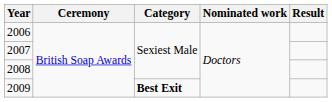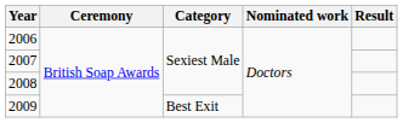 <table class="wikitable">
 <tr>
 <th>Year</th>
 <th>Ceremony</th>
 <th>Category</th>
 <th>Nominated work</th>
 <th>Result</th>
 </tr>
 <tr>
 <td>2006</td>
 <td rowspan="4"><a href='#'>British Soap Awards</a></td>
 <td rowspan="3">Sexiest Male</td>
 <td rowspan="4"><em>Doctors</em></td>
 <td></td>
 </tr>
 <tr>
 <td>2007</td>
 <td></td>
 </tr>
 <tr>
 <td>2008</td>
 <td></td>
 </tr>
 <tr>
 <td>2009</td>
-<td><strong>Best Exit</strong></td>
+<td>Best Exit</td>
 <td></td>
 </tr>
 </table>
